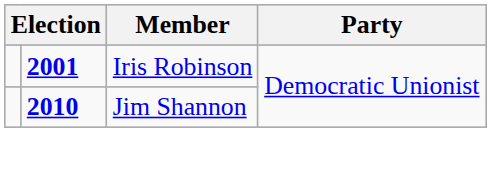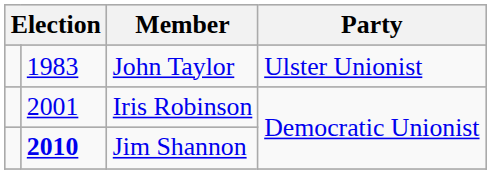 <table class="wikitable">
 <tr>
 <th colspan="2">Election</th>
 <th>Member</th>
 <th>Party</th>
 </tr>
 <tr>
 <td style="color:inherit;background-color: "></td>
-<td><strong><a href='#'>2001</a></strong></td>
+<td><a href='#'>1983</a></td>
+<td><a href='#'>John Taylor</a></td>
+<td><a href='#'>Ulster Unionist</a></td>
+</tr>
+<tr>
+<td style="color:inherit;background-color: "></td>
+<td><a href='#'>2001</a></td>
 <td><a href='#'>Iris Robinson</a></td>
 <td rowspan="2"><a href='#'>Democratic Unionist</a></td>
 </tr>
 <tr>
 <td style="color:inherit;background-color: "></td>
 <td><strong><a href='#'>2010</a></strong></td>
 <td><a href='#'>Jim Shannon</a></td>
 </tr>
 </table>
